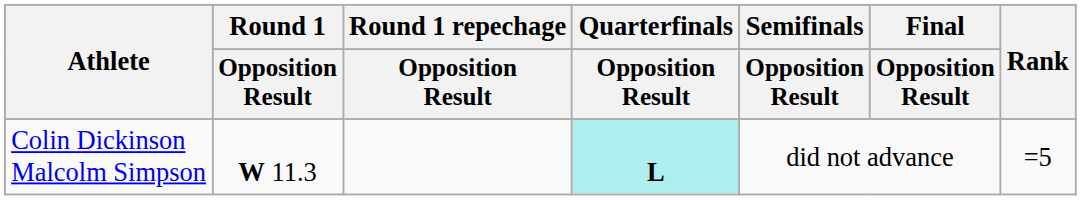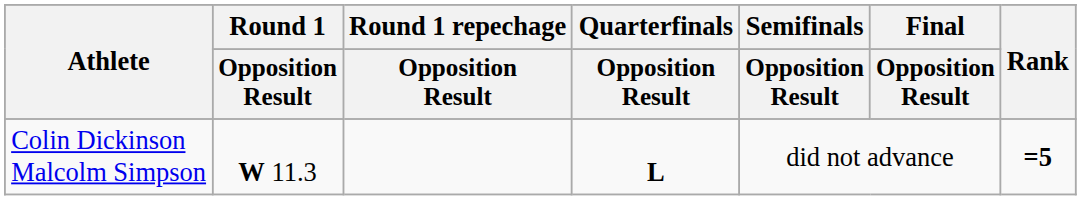 <table class="wikitable" style="font-size:90%;text-align:center;">
 <tr>
 <th rowspan=2>Athlete</th>
 <th>Round 1</th>
 <th>Round 1 repechage</th>
 <th>Quarterfinals</th>
 <th>Semifinals</th>
 <th>Final</th>
 <th rowspan=2>Rank</th>
 </tr>
 <tr style="font-size:95%">
 <th>Opposition<br>Result</th>
 <th>Opposition<br>Result</th>
 <th>Opposition<br>Result</th>
 <th>Opposition<br>Result</th>
 <th>Opposition<br>Result</th>
 </tr>
 <tr>
 <td style="text-align:left;"><a href='#'>Colin Dickinson</a><br><a href='#'>Malcolm Simpson</a></td>
 <td><br><strong>W</strong> 11.3</td>
 <td></td>
-<td style="background: paleturquoise;"><br><strong>L</strong></td>
+<td><br><strong>L</strong></td>
 <td colspan=2>did not advance</td>
-<td>=5</td>
+<td><strong>=5</strong></td>
 </tr>
 </table>
